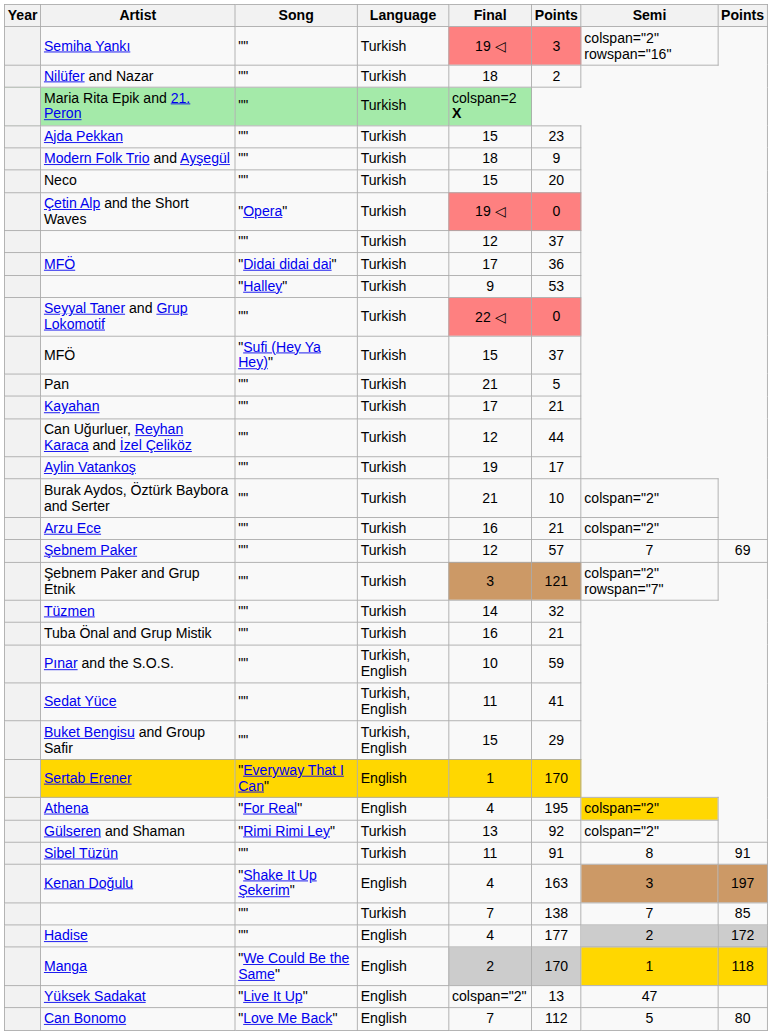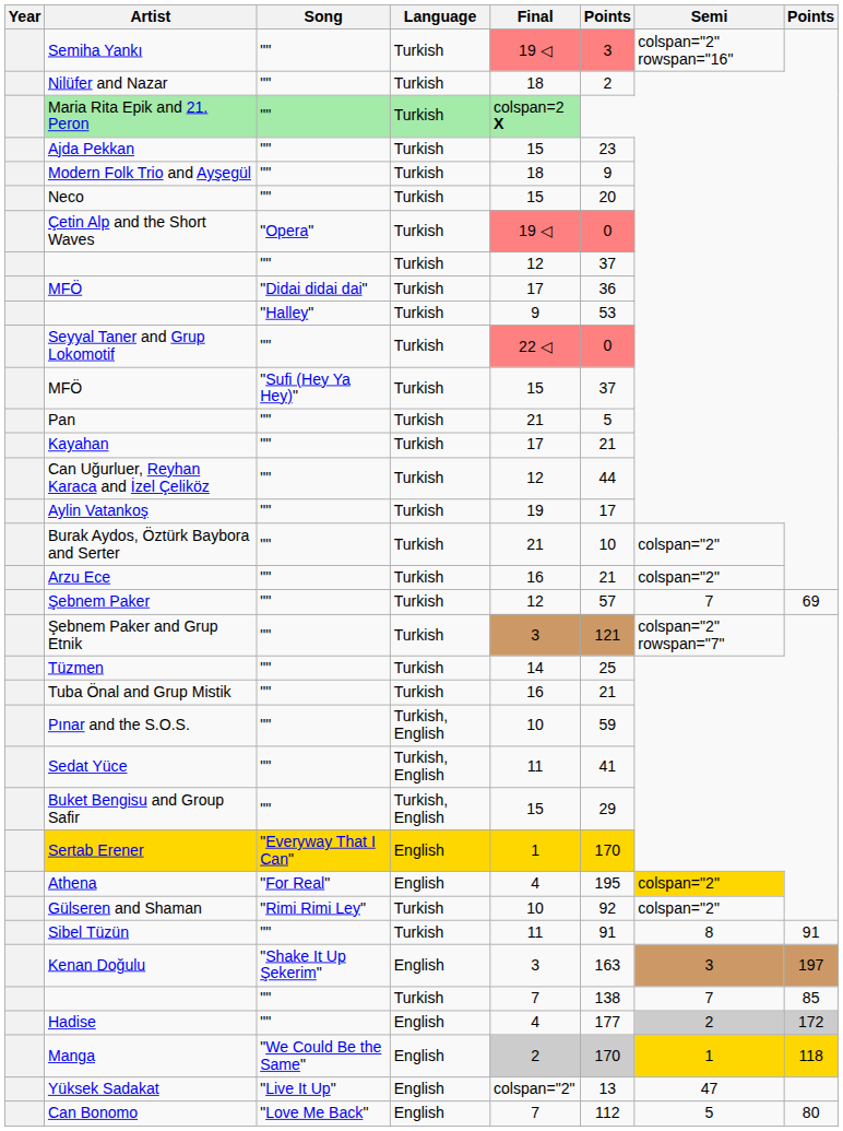 <table class="wikitable sortable plainrowheaders">
 <tr>
 <th scope="col">Year</th>
 <th scope="col">Artist</th>
 <th scope="col">Song</th>
 <th scope="col">Language</th>
 <th scope="col" data-sort-type="number">Final</th>
 <th scope="col" data-sort-type="number">Points</th>
 <th scope="col" data-sort-type="number">Semi</th>
 <th scope="col" data-sort-type="number">Points</th>
 </tr>
 <tr>
 <th scope="row" style="text-align:center;"></th>
 <td><a href='#'>Semiha Yankı</a></td>
 <td>""</td>
 <td>Turkish</td>
 <td style="text-align:center; background-color:#FE8080;">19 ◁</td>
 <td style="text-align:center; background-color:#FE8080;">3</td>
 <td>colspan="2" rowspan="16" </td>
 </tr>
 <tr>
 <th scope="row" style="text-align:center;"></th>
 <td><a href='#'>Nilüfer</a> and Nazar</td>
 <td>""</td>
 <td>Turkish</td>
 <td style="text-align:center;">18</td>
 <td style="text-align:center;">2</td>
 </tr>
 <tr style="background-color:#A4EAA9;">
 <th scope="row" style="text-align:center;"></th>
 <td>Maria Rita Epik and <a href='#'>21. Peron</a></td>
 <td>""</td>
 <td>Turkish</td>
 <td>colspan=2  <strong>X</strong></td>
 </tr>
 <tr>
 <th scope="row" style="text-align:center;"></th>
 <td><a href='#'>Ajda Pekkan</a></td>
 <td>""</td>
 <td>Turkish</td>
 <td style="text-align:center;">15</td>
 <td style="text-align:center;">23</td>
 </tr>
 <tr>
 <th scope="row" style="text-align:center;"></th>
 <td><a href='#'>Modern Folk Trio</a> and <a href='#'>Ayşegül</a></td>
 <td>""</td>
 <td>Turkish</td>
 <td style="text-align:center;">18</td>
 <td style="text-align:center;">9</td>
 </tr>
 <tr>
 <th scope="row" style="text-align:center;"></th>
 <td>Neco</td>
 <td>""</td>
 <td>Turkish</td>
 <td style="text-align:center;">15</td>
 <td style="text-align:center;">20</td>
 </tr>
 <tr>
 <th scope="row" style="text-align:center;"></th>
 <td><a href='#'>Çetin Alp</a> and the Short Waves</td>
 <td>"<a href='#'>Opera</a>"</td>
 <td>Turkish</td>
 <td style="text-align:center; background-color:#FE8080;">19 ◁</td>
 <td style="text-align:center; background-color:#FE8080;">0</td>
 </tr>
 <tr>
 <th scope="row" style="text-align:center;"></th>
 <td></td>
 <td>""</td>
 <td>Turkish</td>
 <td style="text-align:center;">12</td>
 <td style="text-align:center;">37</td>
 </tr>
 <tr>
 <th scope="row" style="text-align:center;"></th>
 <td><a href='#'>MFÖ</a></td>
 <td>"<a href='#'>Didai didai dai</a>"</td>
 <td>Turkish</td>
 <td style="text-align:center;">17</td>
 <td style="text-align:center;">36</td>
 </tr>
 <tr>
 <th scope="row" style="text-align:center;"></th>
 <td></td>
 <td>"<a href='#'>Halley</a>"</td>
 <td>Turkish</td>
 <td style="text-align:center;">9</td>
 <td style="text-align:center;">53</td>
 </tr>
 <tr>
 <th scope="row" style="text-align:center;"></th>
 <td><a href='#'>Seyyal Taner</a> and <a href='#'>Grup Lokomotif</a></td>
 <td>""</td>
 <td>Turkish</td>
 <td style="text-align:center; background-color:#FE8080;">22 ◁</td>
 <td style="text-align:center; background-color:#FE8080;">0</td>
 </tr>
 <tr>
 <th scope="row" style="text-align:center;"></th>
 <td>MFÖ</td>
 <td>"<a href='#'>Sufi (Hey Ya Hey)</a>"</td>
 <td>Turkish</td>
 <td style="text-align:center;">15</td>
 <td style="text-align:center;">37</td>
 </tr>
 <tr>
 <th scope="row" style="text-align:center;"></th>
 <td>Pan</td>
 <td>""</td>
 <td>Turkish</td>
 <td style="text-align:center;">21</td>
 <td style="text-align:center;">5</td>
 </tr>
 <tr>
 <th scope="row" style="text-align:center;"></th>
 <td><a href='#'>Kayahan</a></td>
 <td>""</td>
 <td>Turkish</td>
 <td style="text-align:center;">17</td>
 <td style="text-align:center;">21</td>
 </tr>
 <tr>
 <th scope="row" style="text-align:center;"></th>
 <td>Can Uğurluer, <a href='#'>Reyhan Karaca</a> and <a href='#'>İzel Çeliköz</a></td>
 <td>""</td>
 <td>Turkish</td>
 <td style="text-align:center;">12</td>
 <td style="text-align:center;">44</td>
 </tr>
 <tr>
 <th scope="row" style="text-align:center;"></th>
 <td><a href='#'>Aylin Vatankoş</a></td>
 <td>""</td>
 <td>Turkish</td>
 <td style="text-align:center;">19</td>
 <td style="text-align:center;">17</td>
 </tr>
 <tr>
 <th scope="row" style="text-align:center;"></th>
 <td>Burak Aydos, Öztürk Baybora and Serter</td>
 <td>""</td>
 <td>Turkish</td>
 <td style="text-align:center;">21</td>
 <td style="text-align:center;">10</td>
 <td>colspan="2" </td>
 </tr>
 <tr>
 <th scope="row" style="text-align:center;"></th>
 <td><a href='#'>Arzu Ece</a></td>
 <td>""</td>
 <td>Turkish</td>
 <td style="text-align:center;">16</td>
 <td style="text-align:center;">21</td>
 <td>colspan="2" </td>
 </tr>
 <tr>
 <th scope="row" style="text-align:center;"></th>
 <td><a href='#'>Şebnem Paker</a></td>
 <td>""</td>
 <td>Turkish</td>
 <td style="text-align:center;">12</td>
 <td style="text-align:center;">57</td>
 <td style="text-align:center;">7</td>
 <td style="text-align:center;">69</td>
 </tr>
 <tr>
 <th scope="row" style="text-align:center;"></th>
 <td>Şebnem Paker and Grup Etnik</td>
 <td>""</td>
 <td>Turkish</td>
 <td style="text-align:center; background-color:#C96;">3</td>
 <td style="text-align:center; background-color:#C96;">121</td>
 <td>colspan="2" rowspan="7" </td>
 </tr>
 <tr>
 <th scope="row" style="text-align:center;"></th>
 <td><a href='#'>Tüzmen</a></td>
 <td>""</td>
 <td>Turkish</td>
 <td style="text-align:center;">14</td>
-<td style="text-align:center;">32</td>
+<td style="text-align:center;">25</td>
 </tr>
 <tr>
 <th scope="row" style="text-align:center;"></th>
 <td>Tuba Önal and Grup Mistik</td>
 <td>""</td>
 <td>Turkish</td>
 <td style="text-align:center;">16</td>
 <td style="text-align:center;">21</td>
 </tr>
 <tr>
 <th scope="row" style="text-align:center;"></th>
 <td><a href='#'>Pınar</a> and the S.O.S.</td>
 <td>""</td>
 <td>Turkish, English</td>
 <td style="text-align:center;">10</td>
 <td style="text-align:center;">59</td>
 </tr>
 <tr>
 <th scope="row" style="text-align:center;"></th>
 <td><a href='#'>Sedat Yüce</a></td>
 <td>""</td>
 <td>Turkish, English</td>
 <td style="text-align:center;">11</td>
 <td style="text-align:center;">41</td>
 </tr>
 <tr>
 <th scope="row" style="text-align:center;"></th>
 <td><a href='#'>Buket Bengisu</a> and Group Safir</td>
 <td>""</td>
 <td>Turkish, English</td>
 <td style="text-align:center;">15</td>
 <td style="text-align:center;">29</td>
 </tr>
 <tr style="background-color:#FFD700;">
 <th scope="row" style="text-align:center;"></th>
 <td><a href='#'>Sertab Erener</a></td>
 <td>"<a href='#'>Everyway That I Can</a>"</td>
 <td>English</td>
 <td style="text-align:center;">1</td>
 <td style="text-align:center;">170</td>
 </tr>
 <tr>
 <th scope="row" style="text-align:center;"></th>
 <td><a href='#'>Athena</a></td>
 <td>"<a href='#'>For Real</a>"</td>
 <td>English</td>
 <td style="text-align:center;">4</td>
 <td style="text-align:center;">195</td>
 <td style="background: gold;">colspan="2" </td>
 </tr>
 <tr>
 <th scope="row" style="text-align:center;"></th>
 <td><a href='#'>Gülseren</a> and Shaman</td>
 <td>"<a href='#'>Rimi Rimi Ley</a>"</td>
 <td>Turkish</td>
-<td style="text-align:center;">13</td>
+<td style="text-align:center;">10</td>
 <td style="text-align:center;">92</td>
 <td>colspan="2" </td>
 </tr>
 <tr>
 <th scope="row" style="text-align:center;"></th>
 <td><a href='#'>Sibel Tüzün</a></td>
 <td>""</td>
 <td>Turkish</td>
 <td style="text-align:center;">11</td>
 <td style="text-align:center;">91</td>
 <td style="text-align:center;">8</td>
 <td style="text-align:center;">91</td>
 </tr>
 <tr>
 <th scope="row" style="text-align:center;"></th>
 <td><a href='#'>Kenan Doğulu</a></td>
 <td>"<a href='#'>Shake It Up <span>Şekerim</span></a>"</td>
 <td>English</td>
-<td style="text-align:center;">4</td>
+<td style="text-align:center;">3</td>
 <td style="text-align:center;">163</td>
 <td style="text-align:center; background-color:#C96;">3</td>
 <td style="text-align:center; background-color:#C96;">197</td>
 </tr>
 <tr>
 <th scope="row" style="text-align:center;"></th>
 <td></td>
 <td>""</td>
 <td>Turkish</td>
 <td style="text-align:center;">7</td>
 <td style="text-align:center;">138</td>
 <td style="text-align:center;">7</td>
 <td style="text-align:center;">85</td>
 </tr>
 <tr>
 <th scope="row" style="text-align:center;"></th>
 <td><a href='#'>Hadise</a></td>
 <td>""</td>
 <td>English</td>
 <td style="text-align:center;">4</td>
 <td style="text-align:center;">177</td>
 <td style="text-align:center; background-color:#CCC;">2</td>
 <td style="text-align:center; background-color:#CCC;">172</td>
 </tr>
 <tr>
 <th scope="row" style="text-align:center;"></th>
 <td><a href='#'>Manga</a></td>
 <td>"<a href='#'>We Could Be the Same</a>"</td>
 <td>English</td>
 <td style="text-align:center; background-color:#CCC;">2</td>
 <td style="text-align:center; background-color:#CCC;">170</td>
 <td style="text-align:center; background-color:#FFD700;">1</td>
 <td style="text-align:center; background-color:#FFD700;">118</td>
 </tr>
 <tr>
 <th scope="row" style="text-align:center;"></th>
 <td><a href='#'>Yüksek Sadakat</a></td>
 <td>"<a href='#'>Live It Up</a>"</td>
 <td>English</td>
 <td>colspan="2" </td>
 <td style="text-align:center;">13</td>
 <td style="text-align:center;">47</td>
 </tr>
 <tr>
 <th scope="row" style="text-align:center;"></th>
 <td><a href='#'>Can Bonomo</a></td>
 <td>"<a href='#'>Love Me Back</a>"</td>
 <td>English</td>
 <td style="text-align:center;">7</td>
 <td style="text-align:center;">112</td>
 <td style="text-align:center;">5</td>
 <td style="text-align:center;">80</td>
 </tr>
 </table>
